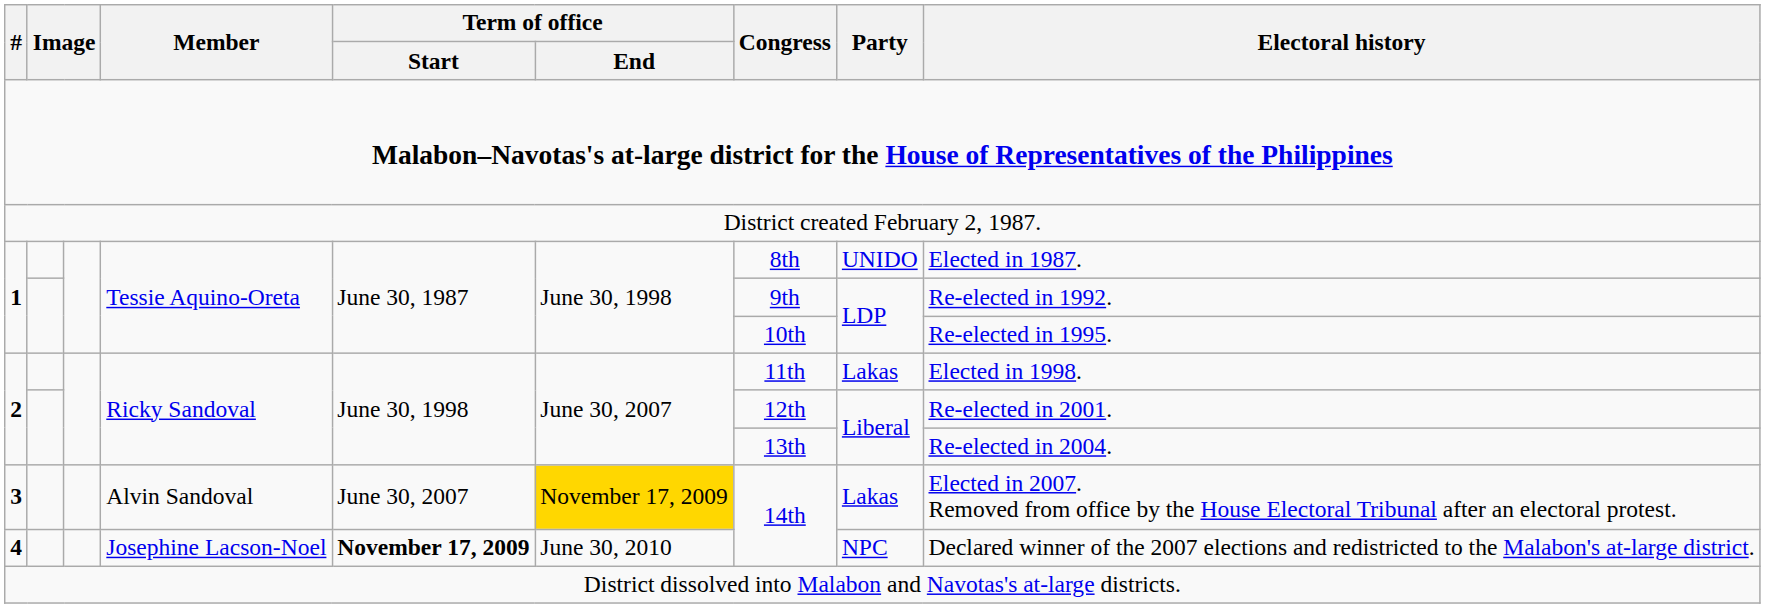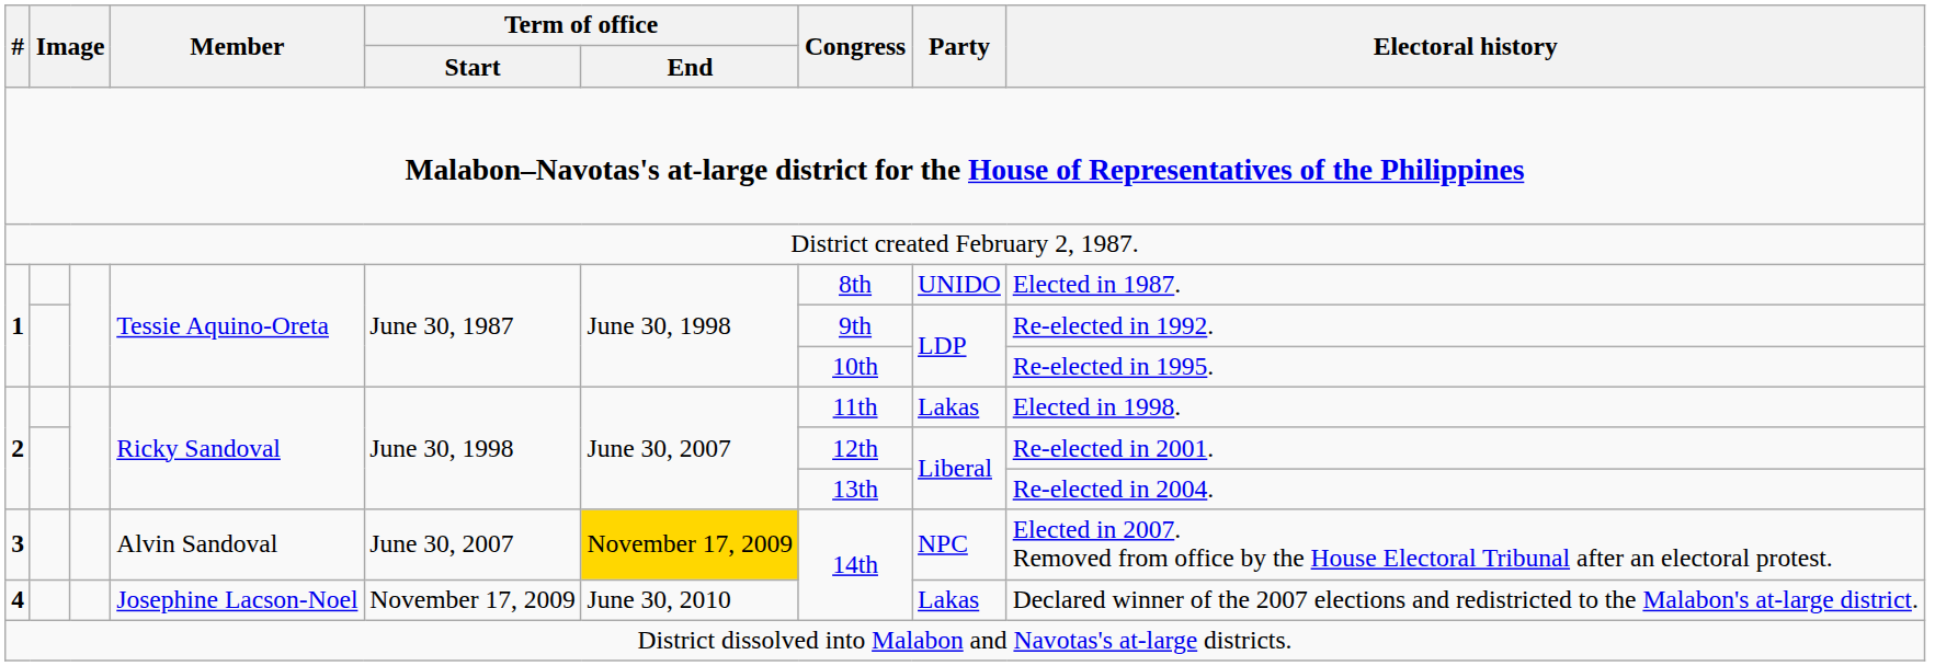 <table class="wikitable">
 <tr>
 <th rowspan="2">#</th>
 <th colspan="2" rowspan="2">Image</th>
 <th rowspan="2">Member</th>
 <th colspan="2">Term of office</th>
 <th rowspan="2">Congress</th>
 <th rowspan="2">Party</th>
 <th rowspan="2">Electoral history</th>
 </tr>
 <tr>
 <th>Start</th>
 <th>End</th>
 </tr>
 <tr>
 <td colspan="10" style="text-align:center;"><br><h3>Malabon–Navotas's at-large district for the <a href='#'>House of Representatives of the Philippines</a></h3></td>
 </tr>
 <tr>
 <td colspan="10" style="text-align:center;">District created February 2, 1987.</td>
 </tr>
 <tr>
 <td rowspan="3" style="text-align:center;"><strong>1</strong></td>
 <td style="color:inherit;background:"></td>
 <td rowspan="3"></td>
 <td rowspan="3"><a href='#'>Tessie Aquino-Oreta</a></td>
 <td rowspan="3">June 30, 1987</td>
 <td rowspan="3">June 30, 1998</td>
 <td style="text-align:center;"><a href='#'>8th</a></td>
 <td><a href='#'>UNIDO</a></td>
 <td><a href='#'>Elected in 1987</a>.</td>
 </tr>
 <tr>
 <td rowspan="2" style="color:inherit;background:"></td>
 <td style="text-align:center;"><a href='#'>9th</a></td>
 <td rowspan="2"><a href='#'>LDP</a></td>
 <td><a href='#'>Re-elected in 1992</a>.</td>
 </tr>
 <tr>
 <td style="text-align:center;"><a href='#'>10th</a></td>
 <td><a href='#'>Re-elected in 1995</a>.</td>
 </tr>
 <tr>
 <td rowspan="3" style="text-align:center;"><strong>2</strong></td>
 <td style="color:inherit;background:"></td>
 <td rowspan="3"></td>
 <td rowspan="3"><a href='#'>Ricky Sandoval</a></td>
 <td rowspan="3">June 30, 1998</td>
 <td rowspan="3">June 30, 2007</td>
 <td style="text-align:center;"><a href='#'>11th</a></td>
 <td><a href='#'>Lakas</a></td>
 <td><a href='#'>Elected in 1998</a>.</td>
 </tr>
 <tr>
 <td rowspan="2" style="color:inherit;background:"></td>
 <td style="text-align:center;"><a href='#'>12th</a></td>
 <td rowspan="2"><a href='#'>Liberal</a></td>
 <td><a href='#'>Re-elected in 2001</a>.</td>
 </tr>
 <tr>
 <td style="text-align:center;"><a href='#'>13th</a></td>
 <td><a href='#'>Re-elected in 2004</a>.</td>
 </tr>
 <tr>
 <td style="text-align:center;"><strong>3</strong></td>
 <td style="color:inherit;background:"></td>
 <td></td>
 <td>Alvin Sandoval</td>
 <td>June 30, 2007</td>
 <td style="background: gold;">November 17, 2009</td>
 <td style="text-align:center;" rowspan="2"><a href='#'>14th</a></td>
-<td><a href='#'>Lakas</a></td>
+<td><a href='#'>NPC</a></td>
 <td><a href='#'>Elected in 2007</a>.<br>Removed from office by the <a href='#'>House Electoral Tribunal</a> after an electoral protest.</td>
 </tr>
 <tr>
 <td style="text-align:center;"><strong>4</strong></td>
 <td style="color:inherit;background:"></td>
 <td></td>
 <td><a href='#'>Josephine Lacson-Noel</a></td>
-<td><strong>November 17, 2009</strong></td>
+<td>November 17, 2009</td>
 <td>June 30, 2010</td>
-<td><a href='#'>NPC</a></td>
+<td><a href='#'>Lakas</a></td>
 <td>Declared winner of the 2007 elections and redistricted to the <a href='#'>Malabon's at-large district</a>.</td>
 </tr>
 <tr>
 <td colspan="9" style="text-align:center;">District dissolved into <a href='#'>Malabon</a> and <a href='#'>Navotas's at-large</a> districts.</td>
 </tr>
 </table>
